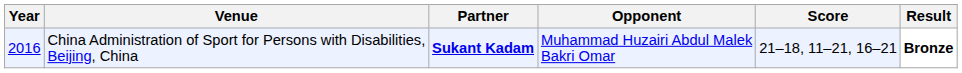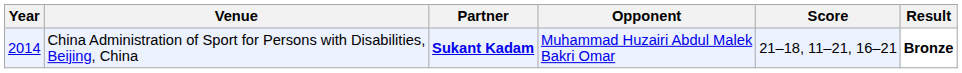 <table class="sortable wikitable" style="font-size: 90%;">
 <tr>
 <th>Year</th>
 <th>Venue</th>
 <th>Partner</th>
 <th>Opponent</th>
 <th>Score</th>
 <th>Result</th>
 </tr>
 <tr style="background:#ECF2FF">
-<td align="center"><a href='#'>2016</a></td>
+<td align="center"><a href='#'>2014</a></td>
 <td align="left">China Administration of Sport for Persons with Disabilities,<br><a href='#'>Beijing</a>, China</td>
 <td align="left"><strong> <a href='#'>Sukant Kadam</a></strong></td>
 <td align="left"> <a href='#'>Muhammad Huzairi Abdul Malek</a><br> <a href='#'>Bakri Omar</a></td>
 <td align="left">21–18, 11–21, 16–21</td>
 <td style="text-align:left; background:white"> <strong>Bronze</strong></td>
 </tr>
 </table>
